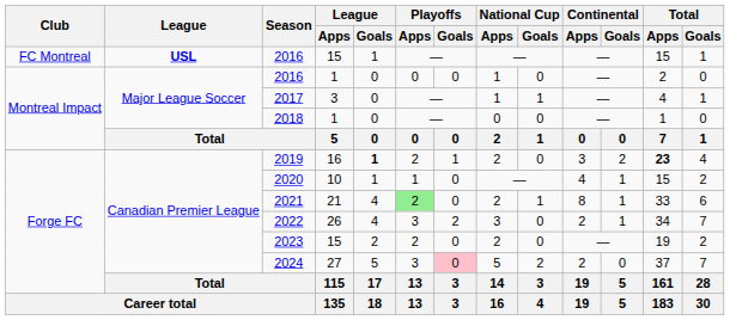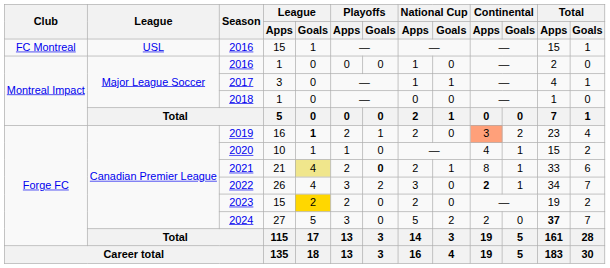 <table class="wikitable" style="text-align: center;">
 <tr>
 <th rowspan="2">Club</th>
 <th rowspan="2">League</th>
 <th rowspan="2">Season</th>
 <th colspan="2">League</th>
 <th colspan="2">Playoffs</th>
 <th colspan="2">National Cup</th>
 <th colspan="2">Continental</th>
 <th colspan="2">Total</th>
 </tr>
 <tr>
 <th>Apps</th>
 <th>Goals</th>
 <th>Apps</th>
 <th>Goals</th>
 <th>Apps</th>
 <th>Goals</th>
 <th>Apps</th>
 <th>Goals</th>
 <th>Apps</th>
 <th>Goals</th>
 </tr>
 <tr>
 <td><a href='#'>FC Montreal</a></td>
-<td><strong><a href='#'>USL</a></strong></td>
+<td><a href='#'>USL</a></td>
 <td><a href='#'>2016</a></td>
 <td>15</td>
 <td>1</td>
 <td colspan="2">—</td>
 <td colspan="2">—</td>
 <td colspan="2">—</td>
 <td>15</td>
 <td>1</td>
 </tr>
 <tr>
 <td rowspan="4"><a href='#'>Montreal Impact</a></td>
 <td rowspan="3"><a href='#'>Major League Soccer</a></td>
 <td><a href='#'>2016</a></td>
 <td>1</td>
 <td>0</td>
 <td>0</td>
 <td>0</td>
 <td>1</td>
 <td>0</td>
 <td colspan="2">—</td>
 <td>2</td>
 <td>0</td>
 </tr>
 <tr>
 <td><a href='#'>2017</a></td>
 <td>3</td>
 <td>0</td>
 <td colspan="2">—</td>
 <td>1</td>
 <td>1</td>
 <td colspan="2">—</td>
 <td>4</td>
 <td>1</td>
 </tr>
 <tr>
 <td><a href='#'>2018</a></td>
 <td>1</td>
 <td>0</td>
 <td colspan="2">—</td>
 <td>0</td>
 <td>0</td>
 <td colspan="2">—</td>
 <td>1</td>
 <td>0</td>
 </tr>
 <tr>
 <th colspan="2">Total</th>
 <th>5</th>
 <th>0</th>
 <th>0</th>
 <th>0</th>
 <th>2</th>
 <th>1</th>
 <th>0</th>
 <th>0</th>
 <th>7</th>
 <th>1</th>
 </tr>
 <tr>
 <td rowspan="7"><a href='#'>Forge FC</a></td>
 <td rowspan="6"><a href='#'>Canadian Premier League</a></td>
 <td><a href='#'>2019</a></td>
 <td>16</td>
 <td><strong>1</strong></td>
 <td>2</td>
 <td>1</td>
 <td>2</td>
 <td>0</td>
-<td>3</td>
+<td style="background: lightsalmon;">3</td>
 <td>2</td>
-<td><strong>23</strong></td>
+<td>23</td>
 <td>4</td>
 </tr>
 <tr>
 <td><a href='#'>2020</a></td>
 <td>10</td>
 <td>1</td>
 <td>1</td>
 <td>0</td>
 <td colspan="2">—</td>
 <td>4</td>
 <td>1</td>
 <td>15</td>
 <td>2</td>
 </tr>
 <tr>
 <td><a href='#'>2021</a></td>
 <td>21</td>
-<td>4</td>
-<td style="background: lightgreen;">2</td>
-<td>0</td>
+<td style="background: khaki;">4</td>
+<td>2</td>
+<td><strong>0</strong></td>
 <td>2</td>
 <td>1</td>
 <td>8</td>
 <td>1</td>
 <td>33</td>
 <td>6</td>
 </tr>
 <tr>
 <td><a href='#'>2022</a></td>
 <td>26</td>
 <td>4</td>
 <td>3</td>
 <td>2</td>
 <td>3</td>
 <td>0</td>
-<td>2</td>
+<td><strong>2</strong></td>
 <td>1</td>
 <td>34</td>
 <td>7</td>
 </tr>
 <tr>
 <td><a href='#'>2023</a></td>
 <td>15</td>
-<td>2</td>
+<td style="background: gold;">2</td>
 <td>2</td>
 <td>0</td>
 <td>2</td>
 <td>0</td>
 <td colspan="2">—</td>
 <td>19</td>
 <td>2</td>
 </tr>
 <tr>
 <td><a href='#'>2024</a></td>
 <td>27</td>
 <td>5</td>
 <td>3</td>
-<td style="background: pink;">0</td>
+<td>0</td>
 <td>5</td>
 <td>2</td>
 <td>2</td>
 <td>0</td>
-<td>37</td>
+<td><strong>37</strong></td>
 <td>7</td>
 </tr>
 <tr>
 <th colspan="2">Total</th>
 <th>115</th>
 <th>17</th>
 <th>13</th>
 <th>3</th>
 <th>14</th>
 <th>3</th>
 <th>19</th>
 <th>5</th>
 <th>161</th>
 <th>28</th>
 </tr>
 <tr>
 <th colspan="3">Career total</th>
 <th>135</th>
 <th>18</th>
 <th>13</th>
 <th>3</th>
 <th>16</th>
 <th>4</th>
 <th>19</th>
 <th>5</th>
 <th>183</th>
 <th>30</th>
 </tr>
 </table>
